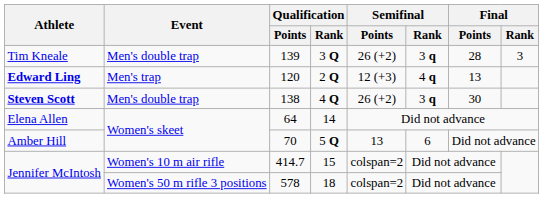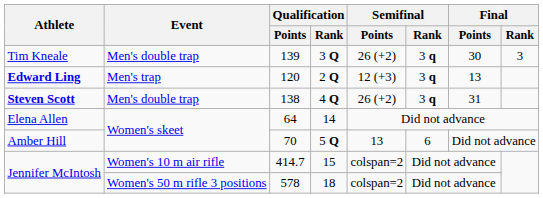 <table class="wikitable" style="font-size:90%">
 <tr>
 <th rowspan="2">Athlete</th>
 <th rowspan="2">Event</th>
 <th colspan=2>Qualification</th>
 <th colspan=2>Semifinal</th>
 <th colspan=2>Final</th>
 </tr>
 <tr style="font-size:95%">
 <th>Points</th>
 <th>Rank</th>
 <th>Points</th>
 <th>Rank</th>
 <th>Points</th>
 <th>Rank</th>
 </tr>
 <tr align=center>
 <td align=left><a href='#'>Tim Kneale</a></td>
 <td align=left><a href='#'>Men's double trap</a></td>
 <td>139</td>
 <td>3 <strong>Q</strong></td>
 <td>26 (+2)</td>
 <td>3 <strong>q</strong></td>
-<td>28</td>
+<td>30</td>
 <td>3</td>
 </tr>
 <tr align=center>
 <td align=left><strong><a href='#'>Edward Ling</a></strong></td>
 <td align=left><a href='#'>Men's trap</a></td>
 <td>120</td>
 <td>2 <strong>Q</strong></td>
 <td>12 (+3)</td>
-<td>4 <strong>q</strong></td>
+<td>3 <strong>q</strong></td>
 <td>13</td>
 <td></td>
 </tr>
 <tr align=center>
 <td align=left><strong><a href='#'>Steven Scott</a></strong></td>
 <td align=left><a href='#'>Men's double trap</a></td>
 <td>138</td>
 <td>4 <strong>Q</strong></td>
 <td>26 (+2)</td>
 <td>3 <strong>q</strong></td>
-<td>30</td>
+<td>31</td>
 <td></td>
 </tr>
 <tr align=center>
 <td align=left><a href='#'>Elena Allen</a></td>
 <td align=left rowspan=2><a href='#'>Women's skeet</a></td>
 <td>64</td>
 <td>14</td>
 <td colspan="4">Did not advance</td>
 </tr>
 <tr align=center>
 <td align=left><a href='#'>Amber Hill</a></td>
 <td>70</td>
 <td>5 <strong>Q</strong></td>
 <td>13</td>
 <td>6</td>
 <td colspan="2">Did not advance</td>
 </tr>
 <tr align=center>
 <td align=left rowspan=2><a href='#'>Jennifer McIntosh</a></td>
 <td align=left><a href='#'>Women's 10 m air rifle</a></td>
 <td>414.7</td>
 <td>15</td>
 <td>colspan=2 </td>
 <td colspan=2>Did not advance</td>
 </tr>
 <tr align=center>
 <td align=left><a href='#'>Women's 50 m rifle 3 positions</a></td>
 <td>578</td>
 <td>18</td>
 <td>colspan=2 </td>
 <td colspan=2>Did not advance</td>
 </tr>
 </table>
